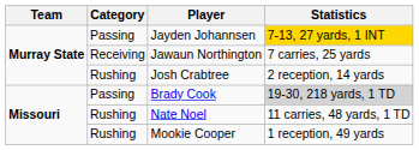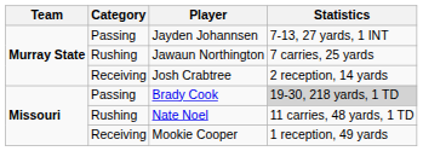 <table class="wikitable" style="float: right;">
 <tr>
 <th>Team</th>
 <th>Category</th>
 <th>Player</th>
 <th>Statistics</th>
 </tr>
 <tr>
 <td rowspan=3><strong>Murray State</strong></td>
 <td>Passing</td>
 <td>Jayden Johannsen</td>
-<td style="background: gold;">7-13, 27 yards, 1 INT</td>
+<td>7-13, 27 yards, 1 INT</td>
 </tr>
 <tr>
-<td>Receiving</td>
+<td>Rushing</td>
 <td>Jawaun Northington</td>
 <td>7 carries, 25 yards</td>
 </tr>
 <tr>
-<td>Rushing</td>
+<td>Receiving</td>
 <td>Josh Crabtree</td>
 <td>2 reception, 14 yards</td>
 </tr>
 <tr>
 <td rowspan=3><strong>Missouri</strong></td>
 <td>Passing</td>
 <td><a href='#'>Brady Cook</a></td>
 <td style="background: lightgrey;">19-30, 218 yards, 1 TD</td>
 </tr>
 <tr>
 <td>Rushing</td>
 <td><a href='#'>Nate Noel</a></td>
 <td>11 carries, 48 yards, 1 TD</td>
 </tr>
 <tr>
-<td>Rushing</td>
+<td>Receiving</td>
 <td>Mookie Cooper</td>
 <td>1 reception, 49 yards</td>
 </tr>
 </table>
